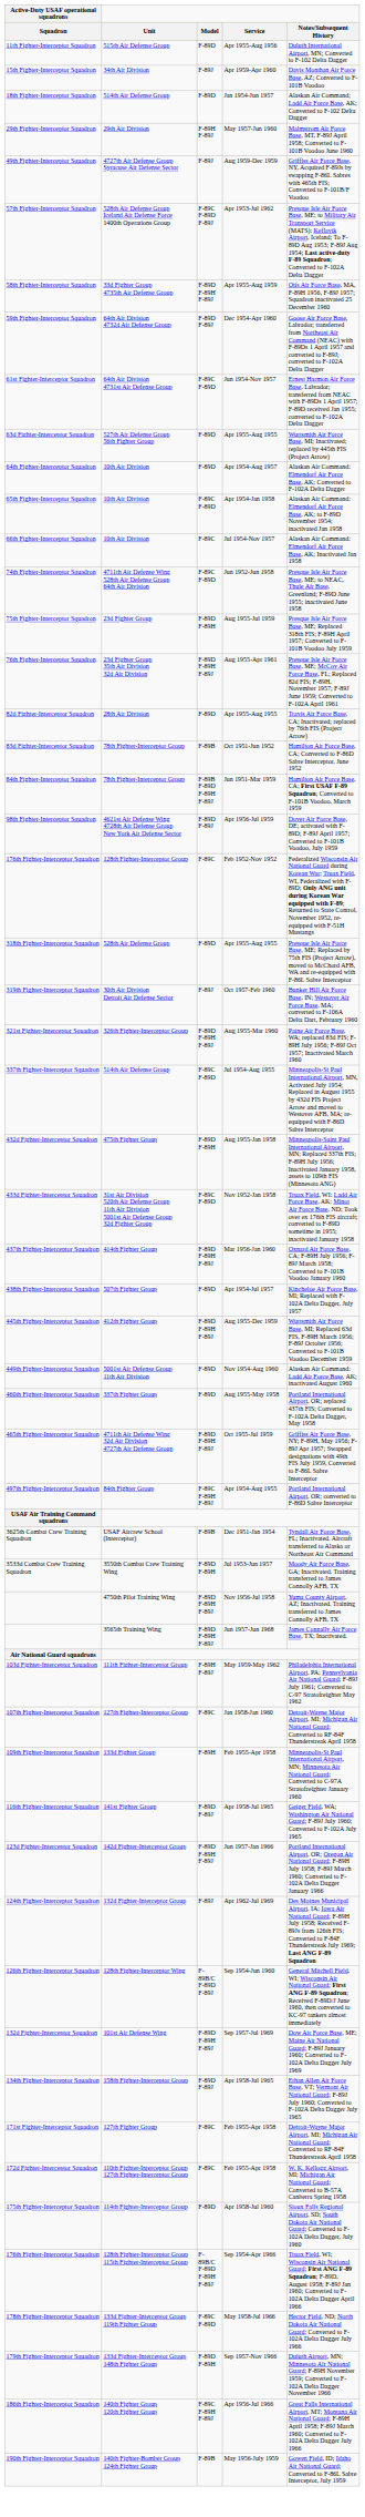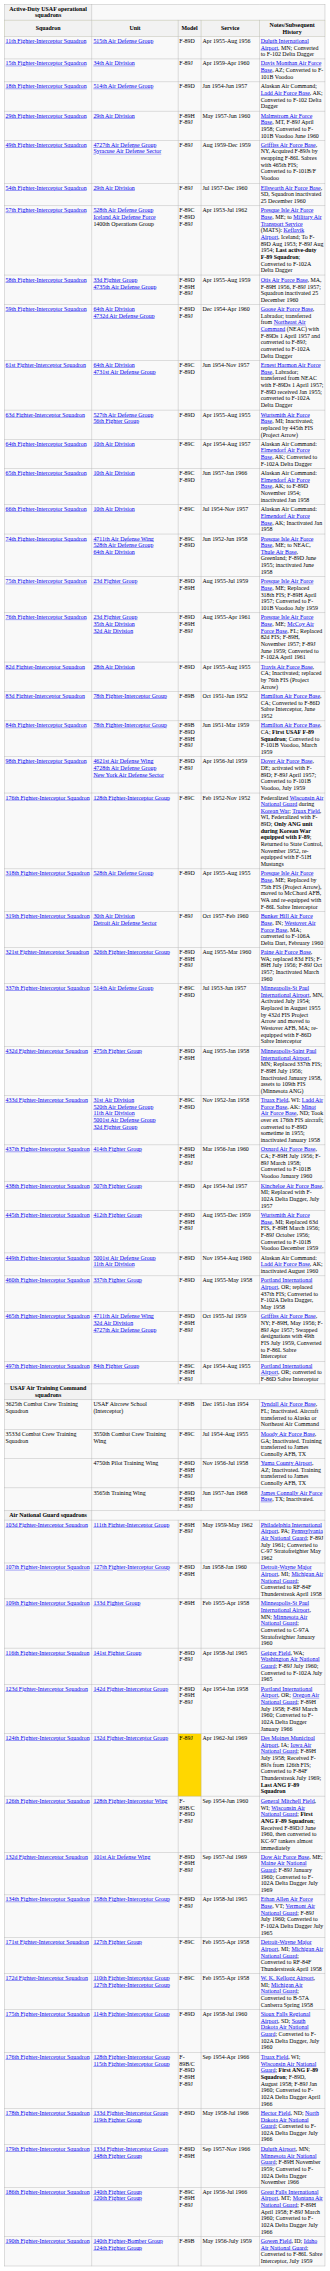 <table class="wikitable">
 <tr>
 <th style= colspan="5">Active-Duty USAF operational squadrons</th>
 </tr>
 <tr style="background:#f5f9B3;">
 <th scope="col" width="230">Squadron</th>
 <th scope="col" width="225">Unit</th>
 <th scope="col" width="55">Model</th>
 <th scope="col" width="150">Service</th>
 <th>Notes/Subsequent History</th>
 </tr>
 <tr valign="top">
 <td><a href='#'>11th Fighter-Interceptor Squadron</a></td>
 <td><a href='#'>515th Air Defense Group</a></td>
 <td>F-89D</td>
 <td>Apr 1955-Aug 1956</td>
 <td><a href='#'>Duluth International Airport</a>, MN; Converted to F-102 Delta Dagger</td>
 </tr>
 <tr valign="top">
 <td><a href='#'>15th Fighter-Interceptor Squadron</a></td>
 <td><a href='#'>34th Air Division</a></td>
 <td>F-89J</td>
 <td>Apr 1959-Apr 1960</td>
 <td><a href='#'>Davis Monthan Air Force Base</a>, AZ; Converted to F-101B Voodoo</td>
 </tr>
 <tr valign="top">
 <td><a href='#'>18th Fighter-Interceptor Squadron</a></td>
 <td><a href='#'>514th Air Defense Group</a></td>
 <td>F-89D</td>
 <td>Jan 1954-Jun 1957</td>
 <td>Alaskan Air Command; <a href='#'>Ladd Air Force Base</a>, AK; Converted to F-102 Delta Dagger</td>
 </tr>
 <tr valign="top">
 <td><a href='#'>29th Fighter-Interceptor Squadron</a></td>
 <td><a href='#'>29th Air Division</a></td>
 <td>F-89H<br>F-89J</td>
 <td>May 1957-Jun 1960</td>
 <td><a href='#'>Malmstrom Air Force Base</a>, MT, F-89J April 1958; Converted to F-101B Voodoo June 1960</td>
 </tr>
 <tr valign="top">
 <td><a href='#'>49th Fighter-Interceptor Squadron</a></td>
 <td><a href='#'>4727th Air Defense Group</a><br><a href='#'>Syracuse Air Defense Sector</a></td>
 <td>F-89J</td>
 <td>Aug 1959-Dec 1959</td>
 <td><a href='#'>Griffiss Air Force Base</a>, NY, Acquired F-89Js by swapping F-86L Sabres with 465th FIS; Converted to F-101B/F Voodoo</td>
 </tr>
 <tr valign="top">
+<td><a href='#'>54th Fighter-Interceptor Squadron</a></td>
+<td><a href='#'>29th Air Division</a></td>
+<td>F-89J</td>
+<td>Jul 1957-Dec 1960</td>
+<td><a href='#'>Ellsworth Air Force Base</a>, SD, Squadron inactivated 25 December 1960</td>
+</tr>
+<tr valign="top">
 <td><a href='#'>57th Fighter-Interceptor Squadron</a></td>
 <td><a href='#'>528th Air Defense Group</a><br><a href='#'>Iceland Air Defense Force</a><br>1400th Operations Group</td>
 <td>F-89C<br>F-89D<br>F-89J</td>
 <td>Apr 1953-Jul 1962</td>
 <td><a href='#'>Presque Isle Air Force Base</a>, ME; to <a href='#'>Military Air Transport Service</a> (MATS): <a href='#'>Keflavik Airport</a>, Iceland; To F-89D Aug 1953; F-89J Aug 1954; <strong>Last active-duty F-89 Squadron</strong>; Converted to F-102A Delta Dagger</td>
 </tr>
 <tr valign="top">
 <td><a href='#'>58th Fighter-Interceptor Squadron</a></td>
 <td><a href='#'>33d Fighter Group</a><br><a href='#'>4735th Air Defense Group</a></td>
 <td>F-89D<br>F-89H<br>F-89J</td>
 <td>Apr 1955-Aug 1959</td>
 <td><a href='#'>Otis Air Force Base</a>, MA, F-89H 1956, F-89J 1957; Squadron inactivated 25 December 1960</td>
 </tr>
 <tr valign="top">
 <td><a href='#'>59th Fighter-Interceptor Squadron</a></td>
 <td><a href='#'>64th Air Division</a><br><a href='#'>4732d Air Defense Group</a></td>
 <td>F-89D<br>F-89J</td>
 <td>Dec 1954-Apr 1960</td>
 <td><a href='#'>Goose Air Force Base</a>, Labrador; transferred from <a href='#'>Northeast Air Command</a> (NEAC) with F-89Ds 1 April 1957 and converted to F-89J; converted to F-102A Delta Dagger</td>
 </tr>
 <tr valign="top">
 <td><a href='#'>61st Fighter-Interceptor Squadron</a></td>
 <td><a href='#'>64th Air Division</a><br><a href='#'>4731st Air Defense Group</a></td>
 <td>F-89C<br>F-89D</td>
 <td>Jun 1954-Nov 1957</td>
 <td><a href='#'>Ernest Harmon Air Force Base</a>, Labrador; transferred from NEAC with F-89Ds 1 April 1957; F-89D received Jan 1955; converted to F-102A Delta Dagger</td>
 </tr>
 <tr valign="top">
 <td><a href='#'>63d Fighter-Interceptor Squadron</a></td>
 <td><a href='#'>527th Air Defense Group</a><br><a href='#'>56th Fighter Group</a></td>
 <td>F-89D</td>
 <td>Apr 1955-Aug 1955</td>
 <td><a href='#'>Wurtsmith Air Force Base</a>, MI; Inactivated; replaced by 445th FIS (Project Arrow) </td>
 </tr>
 <tr valign="top">
 <td><a href='#'>64th Fighter-Interceptor Squadron</a></td>
 <td><a href='#'>10th Air Division</a></td>
-<td>F-89D</td>
+<td>F-89C</td>
 <td>Apr 1954-Aug 1957</td>
 <td>Alaskan Air Command: <a href='#'>Elmendorf Air Force Base</a>, AK; Converted to F-102A Delta Dagger</td>
 </tr>
 <tr valign="top">
 <td><a href='#'>65th Fighter-Interceptor Squadron</a></td>
 <td><a href='#'>10th Air Division</a></td>
 <td>F-89C<br>F-89D</td>
-<td>Apr 1954-Jan 1958</td>
+<td>Jun 1957-Jan 1966</td>
 <td>Alaskan Air Command: <a href='#'>Elmendorf Air Force Base</a>, AK; to F-89D November 1954; inactivated Jan 1958</td>
 </tr>
 <tr valign="top">
 <td><a href='#'>66th Fighter-Interceptor Squadron</a></td>
 <td><a href='#'>10th Air Division</a></td>
 <td>F-89C</td>
 <td>Jul 1954-Nov 1957</td>
 <td>Alaskan Air Command: <a href='#'>Elmendorf Air Force Base</a>, AK; Inactivated Jan 1958</td>
 </tr>
 <tr valign="top">
 <td><a href='#'>74th Fighter-Interceptor Squadron</a></td>
 <td><a href='#'>4711th Air Defense Wing</a><br><a href='#'>528th Air Defense Group</a><br><a href='#'>64th Air Division</a></td>
 <td>F-89C<br>F-89D</td>
 <td>Jun 1952-Jun 1958</td>
 <td><a href='#'>Presque Isle Air Force Base</a>, ME; to NEAC, <a href='#'>Thule Air Base</a>, Greenland; F-89D June 1955; inactivated June 1958</td>
 </tr>
 <tr valign="top">
 <td><a href='#'>75th Fighter-Interceptor Squadron</a></td>
 <td><a href='#'>23d Fighter Group</a></td>
 <td>F-89D<br>F-89H</td>
 <td>Aug 1955-Jul 1959</td>
 <td><a href='#'>Presque Isle Air Force Base</a>, ME; Replaced 318th FIS; F-89H April 1957; Converted to F-101B Voodoo July 1959</td>
 </tr>
 <tr valign="top">
 <td><a href='#'>76th Fighter-Interceptor Squadron</a></td>
 <td><a href='#'>23d Fighter Group</a><br><a href='#'>35th Air Division</a><br><a href='#'>32d Air Division</a></td>
 <td>F-89D<br>F-89H<br>F-89J</td>
 <td>Aug 1955-Apr 1961</td>
 <td><a href='#'>Presque Isle Air Force Base</a>, ME; <a href='#'>McCoy Air Force Base</a>, FL;  Replaced 82d FIS; F-89H, November 1957; F-89J June 1959; Converted to F-102A April 1961</td>
 </tr>
 <tr valign="top">
 <td><a href='#'>82d Fighter-Interceptor Squadron</a></td>
 <td><a href='#'>28th Air Division</a></td>
 <td>F-89D</td>
 <td>Apr 1955-Aug 1955</td>
 <td><a href='#'>Travis Air Force Base</a>, CA; Inactivated; replaced by 76th FIS (Project Arrow)</td>
 </tr>
 <tr valign="top">
 <td><a href='#'>83d Fighter-Interceptor Squadron</a></td>
 <td><a href='#'>78th Fighter-Interceptor Group</a></td>
 <td>F-89B</td>
 <td>Oct 1951-Jun 1952</td>
 <td><a href='#'>Hamilton Air Force Base</a>, CA; Converted to F-86D Sabre Interceptor, June 1952</td>
 </tr>
 <tr valign="top">
 <td><a href='#'>84th Fighter-Interceptor Squadron</a></td>
 <td><a href='#'>78th Fighter-Interceptor Group</a></td>
 <td>F-89B<br>F-89D<br>F-89H<br>F-89J</td>
 <td>Jun 1951-Mar 1959</td>
 <td><a href='#'>Hamilton Air Force Base</a>, CA; <strong>First USAF F-89 Squadron</strong>;  Converted to F-101B Voodoo, March 1959</td>
 </tr>
 <tr valign="top">
 <td><a href='#'>98th Fighter-Interceptor Squadron</a></td>
 <td><a href='#'>4621st Air Defense Wing</a><br><a href='#'>4728th Air Defense Group</a><br><a href='#'>New York Air Defense Sector</a></td>
 <td>F-89D<br>F-89J</td>
 <td>Apr 1956-Jul 1959</td>
 <td><a href='#'>Dover Air Force Base</a>, DE; activated with F-89D; F-89J April 1957; Converted to F-101B Voodoo, July 1959</td>
 </tr>
 <tr valign="top">
 <td><a href='#'>176th Fighter-Interceptor Squadron</a></td>
 <td><a href='#'>128th Fighter-Interceptor Group</a></td>
 <td>F-89C</td>
 <td>Feb 1952-Nov 1952</td>
 <td>Federalized <a href='#'>Wisconsin Air National Guard</a> during <a href='#'>Korean War</a>; <a href='#'>Truax Field</a>, WI, Federalized with F-89D; <strong>Only ANG unit during Korean War equipped with F-89</strong>;  Returned to State Control, November 1952, re-equipped with F-51H Mustangs</td>
 </tr>
 <tr valign="top">
 <td><a href='#'>318th Fighter-Interceptor Squadron</a></td>
 <td><a href='#'>528th Air Defense Group</a></td>
 <td>F-89D</td>
 <td>Apr 1955-Aug 1955</td>
 <td><a href='#'>Presque Isle Air Force Base</a>, ME; Replaced by 75th FIS (Project Arrow), moved to McChord AFB, WA and re-equipped with F-86L Sabre Interceptor</td>
 </tr>
 <tr valign="top">
 <td><a href='#'>319th Fighter-Interceptor Squadron</a></td>
 <td><a href='#'>30th Air Division</a><br><a href='#'>Detroit Air Defense Sector</a></td>
 <td>F-89J</td>
 <td>Oct 1957-Feb 1960</td>
 <td><a href='#'>Bunker Hill Air Force Base</a>, IN; <a href='#'>Westover Air Force Base</a>, MA; converted to F-106A Delta Dart, February 1960</td>
 </tr>
 <tr valign="top">
 <td><a href='#'>321st Fighter-Interceptor Squadron</a></td>
 <td><a href='#'>326th Fighter-Interceptor Group</a></td>
 <td>F-89D<br>F-89H<br>F-89J</td>
 <td>Aug 1955-Mar 1960</td>
 <td><a href='#'>Paine Air Force Base</a>, WA; replaced 83d FIS; F-89H July 1956; F-89J Oct 1957; Inactivated March 1960</td>
 </tr>
 <tr valign="top">
 <td><a href='#'>337th Fighter-Interceptor Squadron</a></td>
 <td><a href='#'>514th Air Defense Group</a></td>
 <td>F-89C<br>F-89D</td>
-<td>Jul 1954-Aug 1955</td>
+<td>Jul 1953-Jun 1957</td>
 <td><a href='#'>Minneapolis-St Paul International Airport</a>, MN, Activated July 1954; Replaced in August 1955 by 432d FIS Project Arrow and moved to Westover AFB, MA; re-equipped with F-86D Sabre Interceptor </td>
 </tr>
 <tr valign="top">
 <td><a href='#'>432d Fighter-Interceptor Squadron</a></td>
 <td><a href='#'>475th Fighter Group</a></td>
 <td>F-89D<br>F-89H</td>
 <td>Aug 1955-Jan 1958</td>
 <td><a href='#'>Minneapolis-Saint Paul International Airport</a>, MN; Replaced 337th FIS; F-89H  July 1956; Inactivated January 1958, assets to 109th FIS (Minnesota ANG)</td>
 </tr>
 <tr valign="top">
 <td><a href='#'>433d Fighter-Interceptor Squadron</a></td>
 <td><a href='#'>31st Air Division</a><br><a href='#'>520th Air Defense Group</a><br><a href='#'>11th Air Division</a><br><a href='#'>5001st Air Defense Group</a><br><a href='#'>32d Fighter Group</a></td>
 <td>F-89C<br>F-89D</td>
 <td>Nov 1952-Jan 1958</td>
 <td><a href='#'>Truax Field</a>, WI: <a href='#'>Ladd Air Force Base</a>, AK: <a href='#'>Minot Air Force Base</a>, ND; Took over ex 176th FIS aircraft; converted to F-89D sometime in 1955; inactivated January 1958</td>
 </tr>
 <tr valign="top">
 <td><a href='#'>437th Fighter-Interceptor Squadron</a></td>
 <td><a href='#'>414th Fighter Group</a></td>
 <td>F-89D<br>F-89H<br>F-89J</td>
 <td>Mar 1956-Jan 1960</td>
 <td><a href='#'>Oxnard Air Force Base</a>, CA; F-89H July 1956; F-89J March 1958; Converted to F-101B Voodoo January 1960</td>
 </tr>
 <tr valign="top">
 <td><a href='#'>438th Fighter-Interceptor Squadron</a></td>
 <td><a href='#'>507th Fighter Group</a></td>
 <td>F-89D</td>
 <td>Apr 1954-Jul 1957</td>
 <td><a href='#'>Kincheloe Air Force Base</a>, MI; Replaced with F-102A Delta Dagger, July 1957</td>
 </tr>
 <tr valign="top">
 <td><a href='#'>445th Fighter-Interceptor Squadron</a></td>
 <td><a href='#'>412th Fighter Group</a></td>
 <td>F-89D<br>F-89H<br>F-89J</td>
 <td>Aug 1955-Dec 1959</td>
 <td><a href='#'>Wurtsmith Air Force Base</a>, MI; Replaced 63d FIS, F-89H March 1956; F-89J October 1956; Converted to F-101B Voodoo December 1959</td>
 </tr>
 <tr valign="top">
 <td><a href='#'>449th Fighter-Interceptor Squadron</a></td>
 <td><a href='#'>5001st Air Defense Group</a><br><a href='#'>11th Air Division</a></td>
 <td>F-89D</td>
 <td>Nov 1954-Aug 1960</td>
 <td>Alaskan Air Command: <a href='#'>Ladd Air Force Base</a>, AK; inactivated August 1960</td>
 </tr>
 <tr valign="top">
 <td><a href='#'>460th Fighter-Interceptor Squadron</a></td>
 <td><a href='#'>337th Fighter Group</a></td>
 <td>F-89D</td>
 <td>Aug 1955-May 1958</td>
 <td><a href='#'>Portland International Airport</a>, OR; replaced 437th FIS; Converted to F-102A Delta Dagger, May 1958</td>
 </tr>
 <tr valign="top">
 <td><a href='#'>465th Fighter-Interceptor Squadron</a></td>
 <td><a href='#'>4711th Air Defense Wing</a><br><a href='#'>32d Air Division</a><br><a href='#'>4727th Air Defense Group</a></td>
 <td>F-89D<br>F-89H<br>F-89J</td>
 <td>Oct 1955-Jul 1959</td>
 <td><a href='#'>Griffiss Air Force Base</a>, NY; F-89H, May 1956; F-89J Apr 1957; Swapped designations with 49th FIS July 1959, Converted to F-86L Sabre Interceptor</td>
 </tr>
 <tr valign="top">
 <td><a href='#'>497th Fighter-Interceptor Squadron</a></td>
 <td><a href='#'>84th Fighter Group</a></td>
 <td>F-89C<br>F-89H<br>F-89J</td>
 <td>Apr 1954-Aug 1955</td>
 <td><a href='#'>Portland International Airport</a>, OR; converted to F-86D Sabre Interceptor</td>
 </tr>
 <tr>
 <th style= colspan="5">USAF Air Training Command squadrons</th>
 </tr>
 <tr valign="top">
 <td>3625th Combat Crew Training Squadron</td>
 <td>USAF Aircrew School (Interceptor)</td>
 <td>F-89B</td>
 <td>Dec 1951-Jan 1954</td>
 <td><a href='#'>Tyndall Air Force Base</a>, FL;  Inactivated. Aircraft transferred to Alaska or Northeast Air Command</td>
 </tr>
 <tr valign="top">
 <td>3533d Combat Crew Training Squadron</td>
 <td>3550th Combat Crew Training Wing</td>
-<td>F-89D<br>F-89H</td>
-<td>Jul 1953-Jun 1957</td>
+<td>F-89C</td>
+<td>Jul 1954-Aug 1955</td>
 <td><a href='#'>Moody Air Force Base</a>, GA;  Inactivated. Training transferred to James Connolly AFB, TX</td>
 </tr>
 <tr valign="top">
 <td></td>
 <td>4750th Pilot Training Wing</td>
 <td>F-89D<br>F-89H<br>F-89J</td>
 <td>Nov 1956-Jul 1958</td>
 <td><a href='#'>Yuma County Airport</a>, AZ;  Inactivated. Training transferred to James Connolly AFB, TX</td>
 </tr>
 <tr valign="top">
 <td></td>
 <td>3565th Training Wing</td>
 <td>F-89D<br>F-89H<br>F-89J</td>
 <td>Jun 1957-Jun 1968</td>
 <td><a href='#'>James Connally Air Force Base</a>, TX;  Inactivated.</td>
 </tr>
 <tr>
 <th style= colspan="5">Air National Guard squadrons</th>
 </tr>
 <tr valign="top">
 <td><a href='#'>103d Fighter-Interceptor Squadron</a></td>
 <td><a href='#'>111th Fighter-Interceptor Group</a></td>
 <td>F-89H<br>F-89J</td>
 <td>May 1959-May 1962</td>
 <td><a href='#'>Philadelphia International Airport</a>, PA; <a href='#'>Pennsylvania Air National Guard</a>; F-89J July 1961; Converted to C-97 Stratofreighter May 1962</td>
 </tr>
 <tr valign="top">
 <td><a href='#'>107th Fighter-Interceptor Squadron</a></td>
 <td><a href='#'>127th Fighter-Interceptor Group</a></td>
-<td>F-89C</td>
+<td>F-89D<br>F-89H</td>
 <td>Jan 1958-Jan 1960</td>
 <td><a href='#'>Detroit-Wayne Major Airport</a>, MI; <a href='#'>Michigan Air National Guard</a>; Converted to RF-84F Thunderstreak April 1958</td>
 </tr>
 <tr valign="top">
 <td><a href='#'>109th Fighter-Interceptor Squadron</a></td>
 <td><a href='#'>133d Fighter Group</a></td>
 <td>F-89H</td>
 <td>Feb 1955-Apr 1958</td>
 <td><a href='#'>Minneapolis-St Paul International Airport</a>, MN; <a href='#'>Minnesota Air National Guard</a>; Converted to C-97A Stratofreighter January 1960</td>
 </tr>
 <tr valign="top">
 <td><a href='#'>116th Fighter-Interceptor Squadron</a></td>
 <td><a href='#'>141st Fighter Group</a></td>
 <td>F-89D<br>F-89J</td>
 <td>Apr 1958-Jul 1965</td>
 <td><a href='#'>Geiger Field</a>, WA; <a href='#'>Washington Air National Guard</a>; F-89J July 1960; Converted to F-102A July 1965</td>
 </tr>
 <tr valign="top">
 <td><a href='#'>123d Fighter-Interceptor Squadron</a></td>
 <td><a href='#'>142d Fighter-Interceptor Group</a></td>
 <td>F-89D<br>F-89H<br>F-89J</td>
-<td>Jun 1957-Jan 1966</td>
+<td>Apr 1954-Jan 1958</td>
 <td><a href='#'>Portland International Airport</a>, OR; <a href='#'>Oregon Air National Guard</a>; F-89H July 1958; F-89J March 1960; Converted to F-102A Delta Dagger January 1966</td>
 </tr>
 <tr valign="top">
 <td><a href='#'>124th Fighter-Interceptor Squadron</a></td>
 <td><a href='#'>132d Fighter-Interceptor Group</a></td>
-<td>F-89J</td>
+<td style="background: gold;">F-89J</td>
 <td>Apr 1962-Jul 1969</td>
 <td><a href='#'>Des Moines Municipal Airport</a>, IA; <a href='#'>Iowa Air National Guard</a>; F-89H July 1958; Received F-89Js from 126th FIS; Converted to F-84F Thunderstreak July 1969; <strong>Last ANG F-89 Squadron</strong></td>
 </tr>
 <tr valign="top">
 <td><a href='#'>126th Fighter-Interceptor Squadron</a></td>
 <td><a href='#'>128th Fighter-Interceptor Wing</a></td>
 <td>F-89B/C<br>F-89D<br>F-89J</td>
 <td>Sep 1954-Jun 1960</td>
 <td><a href='#'>General Mitchell Field</a>, WI; <a href='#'>Wisconsin Air National Guard</a>; <strong>First ANG F-89 Squadron</strong>; Received F-89D/J June 1960, then converted to KC-97 tankers almost immediately</td>
 </tr>
 <tr valign="top">
 <td><a href='#'>132d Fighter-Interceptor Squadron</a></td>
 <td><a href='#'>101st Air Defense Wing</a></td>
 <td>F-89D<br>F-89H<br>F-89J</td>
 <td>Sep 1957-Jul 1969</td>
 <td><a href='#'>Dow Air Force Base</a>, ME; <a href='#'>Maine Air National Guard</a>; F-89J January 1960; Converted to F-102A Delta Dagger July 1969</td>
 </tr>
 <tr valign="top">
 <td><a href='#'>134th Fighter-Interceptor Squadron</a></td>
 <td><a href='#'>158th Fighter-Interceptor Group</a></td>
 <td>F-89D<br>F-89J</td>
 <td>Apr 1958-Jul 1965</td>
 <td><a href='#'>Ethan Allen Air Force Base</a>, VT; <a href='#'>Vermont Air National Guard</a>; F-89J July 1960; Converted to F-102A Delta Dagger July 1965</td>
 </tr>
 <tr valign="top">
 <td><a href='#'>171st Fighter-Interceptor Squadron</a></td>
 <td><a href='#'>127th Fighter Group</a></td>
 <td>F-89C</td>
 <td>Feb 1955-Apr 1958</td>
 <td><a href='#'>Detroit-Wayne Major Airport</a>, MI; <a href='#'>Michigan Air National Guard</a>; Converted to RF-84F Thunderstreak April 1958</td>
 </tr>
 <tr valign="top">
 <td><a href='#'>172d Fighter-Interceptor Squadron</a></td>
 <td><a href='#'>110th Fighter-Interceptor Group</a><br><a href='#'>127th Fighter-Interceptor Group</a></td>
 <td>F-89C</td>
 <td>Feb 1955-Apr 1958</td>
 <td><a href='#'>W. K. Kellogg Airport</a>, MI; <a href='#'>Michigan Air National Guard</a>; Converted to B-57A Canberra Spring 1958</td>
 </tr>
 <tr valign="top">
 <td><a href='#'>175th Fighter-Interceptor Squadron</a></td>
 <td><a href='#'>114th Fighter-Interceptor Group</a></td>
 <td>F-89D</td>
 <td>Apr 1958-Jul 1960</td>
 <td><a href='#'>Sioux Falls Regional Airport</a>, SD; <a href='#'>South Dakota Air National Guard</a>; Converted to F-102A Delta Dagger, July 1960</td>
 </tr>
 <tr valign="top">
 <td><a href='#'>176th Fighter-Interceptor Squadron</a></td>
 <td><a href='#'>128th Fighter-Interceptor Group</a><br><a href='#'>115th Fighter-Interceptor Group</a></td>
 <td>F-89B/C<br>F-89D<br>F-89H<br>F-89J</td>
 <td>Sep 1954-Apr 1966</td>
 <td><a href='#'>Truax Field</a>, WI; <a href='#'>Wisconsin Air National Guard</a>; <strong>First ANG F-89 Squadron</strong>; F-89D, August 1958; F-89J Jan 1960; Converted to F-102A Delta Dagger April 1966</td>
 </tr>
 <tr valign="top">
 <td><a href='#'>178th Fighter-Interceptor Squadron</a></td>
 <td><a href='#'>133d Fighter-Interceptor Group</a><br><a href='#'>119th Fighter Group</a></td>
-<td>F-89C<br>F-89D</td>
+<td>F-89D</td>
 <td>May 1958-Jul 1966</td>
 <td><a href='#'>Hector Field</a>, ND; <a href='#'>North Dakota Air National Guard</a>; Converted to F-102A Delta Dagger July 1966</td>
 </tr>
 <tr valign="top">
 <td><a href='#'>179th Fighter-Interceptor Squadron</a></td>
 <td><a href='#'>133d Fighter-Interceptor Group</a><br><a href='#'>148th Fighter Group</a></td>
 <td>F-89D<br>F-89H</td>
 <td>Sep 1957-Nov 1966</td>
 <td><a href='#'>Duluth Airport</a>, MN; <a href='#'>Minnesota Air National Guard</a>; F-89H November 1959; Converted to F-102A Delta Dagger November 1966</td>
 </tr>
 <tr valign="top">
 <td><a href='#'>186th Fighter-Interceptor Squadron</a></td>
 <td><a href='#'>140th Fighter Group</a><br><a href='#'>120th Fighter Group</a></td>
 <td>F-89C<br>F-89H<br>F-89J</td>
 <td>Apr 1956-Jul 1966</td>
 <td><a href='#'>Great Falls International Airport</a>, MT; <a href='#'>Montana Air National Guard</a>; F-89H April 1958; F-89J March 1960; Converted to F-102A Delta Dagger July 1966</td>
 </tr>
 <tr valign="top">
 <td><a href='#'>190th Fighter-Interceptor Squadron</a></td>
 <td><a href='#'>140th Fighter-Bomber Group</a><br><a href='#'>124th Fighter Group</a></td>
 <td>F-89B</td>
 <td>May 1956-July 1959</td>
 <td><a href='#'>Gowen Field</a>, ID; <a href='#'>Idaho Air National Guard</a>; Converted to F-86L Sabre Interceptor, July 1959</td>
 </tr>
 </table>
